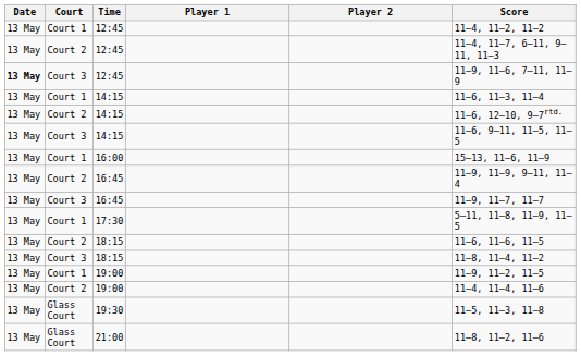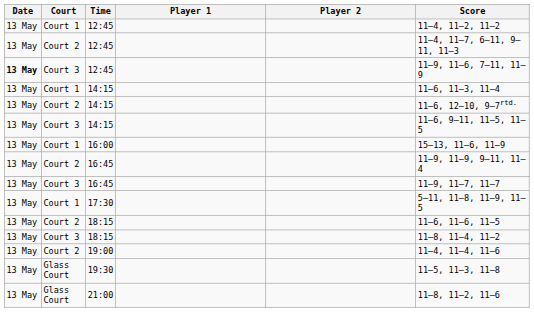 <table class="sortable wikitable" style="font-size:90%">
 <tr>
 <th width="45" class="unsortable">Date</th>
 <th width="55">Court</th>
 <th width="30">Time</th>
 <th width="200">Player 1</th>
 <th width="200">Player 2</th>
 <th width="150" class="unsortable">Score</th>
 </tr>
 <tr>
 <td>13 May</td>
 <td>Court 1</td>
 <td>12:45</td>
 <td><strong></strong></td>
 <td></td>
 <td>11–4, 11–2, 11–2</td>
 </tr>
 <tr>
 <td>13 May</td>
 <td>Court 2</td>
 <td>12:45</td>
 <td></td>
 <td><strong></strong></td>
 <td>11–4, 11–7, 6–11, 9–11, 11–3</td>
 </tr>
 <tr>
 <td><strong>13 May</strong></td>
 <td>Court 3</td>
 <td>12:45</td>
 <td><strong></strong></td>
 <td></td>
 <td>11–9, 11–6, 7–11, 11–9</td>
 </tr>
 <tr>
 <td>13 May</td>
 <td>Court 1</td>
 <td>14:15</td>
 <td><strong></strong></td>
 <td></td>
 <td>11–6, 11–3, 11–4</td>
 </tr>
 <tr>
 <td>13 May</td>
 <td>Court 2</td>
 <td>14:15</td>
 <td></td>
 <td><strong></strong></td>
 <td>11–6, 12–10, 9–7<sup>rtd.</sup></td>
 </tr>
 <tr>
 <td>13 May</td>
 <td>Court 3</td>
 <td>14:15</td>
 <td></td>
 <td><strong></strong></td>
 <td>11–6, 9–11, 11–5, 11–5</td>
 </tr>
 <tr>
 <td>13 May</td>
 <td>Court 1</td>
 <td>16:00</td>
 <td></td>
 <td><strong></strong></td>
 <td>15–13, 11–6, 11–9</td>
 </tr>
 <tr>
 <td>13 May</td>
 <td>Court 2</td>
 <td>16:45</td>
 <td><strong></strong></td>
 <td></td>
 <td>11–9, 11–9, 9–11, 11–4</td>
 </tr>
 <tr>
 <td>13 May</td>
 <td>Court 3</td>
 <td>16:45</td>
 <td></td>
 <td><strong></strong></td>
 <td>11–9, 11–7, 11–7</td>
 </tr>
 <tr>
 <td>13 May</td>
 <td>Court 1</td>
 <td>17:30</td>
 <td><strong></strong></td>
 <td></td>
 <td>5–11, 11–8, 11–9, 11–5</td>
 </tr>
 <tr>
 <td>13 May</td>
 <td>Court 2</td>
 <td>18:15</td>
 <td><strong></strong></td>
 <td></td>
 <td>11–6, 11–6, 11–5</td>
 </tr>
 <tr>
 <td>13 May</td>
 <td>Court 3</td>
 <td>18:15</td>
 <td><strong></strong></td>
 <td></td>
 <td>11–8, 11–4, 11–2</td>
 </tr>
 <tr>
 <td>13 May</td>
-<td>Court 1</td>
-<td>19:00</td>
-<td></td>
-<td><strong></strong></td>
-<td>11–9, 11–2, 11–5</td>
-</tr>
-<tr>
-<td>13 May</td>
 <td>Court 2</td>
 <td>19:00</td>
 <td></td>
 <td><strong></strong></td>
 <td>11–4, 11–4, 11–6</td>
 </tr>
 <tr>
 <td>13 May</td>
 <td>Glass Court</td>
 <td>19:30</td>
 <td><strong></strong></td>
 <td></td>
 <td>11–5, 11–3, 11–8</td>
 </tr>
 <tr>
 <td>13 May</td>
 <td>Glass Court</td>
 <td>21:00</td>
 <td></td>
 <td><strong></strong></td>
 <td>11–8, 11–2, 11–6</td>
 </tr>
 </table>
